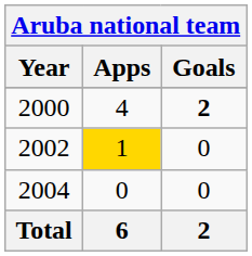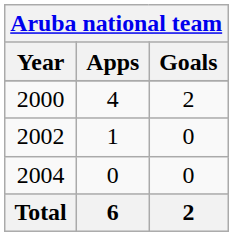 <table class="wikitable" style="text-align:center">
 <tr>
 <th colspan=3><a href='#'>Aruba national team</a></th>
 </tr>
 <tr>
 <th>Year</th>
 <th>Apps</th>
 <th>Goals</th>
 </tr>
 <tr>
 </tr>
 <tr>
 <td>2000</td>
 <td>4</td>
-<td><strong>2</strong></td>
+<td>2</td>
 </tr>
 <tr>
 <td>2002</td>
-<td style="background: gold;">1</td>
+<td>1</td>
 <td>0</td>
 </tr>
 <tr>
 <td>2004</td>
 <td>0</td>
 <td>0</td>
 </tr>
 <tr>
 <th>Total</th>
 <th>6</th>
 <th>2</th>
 </tr>
 </table>
